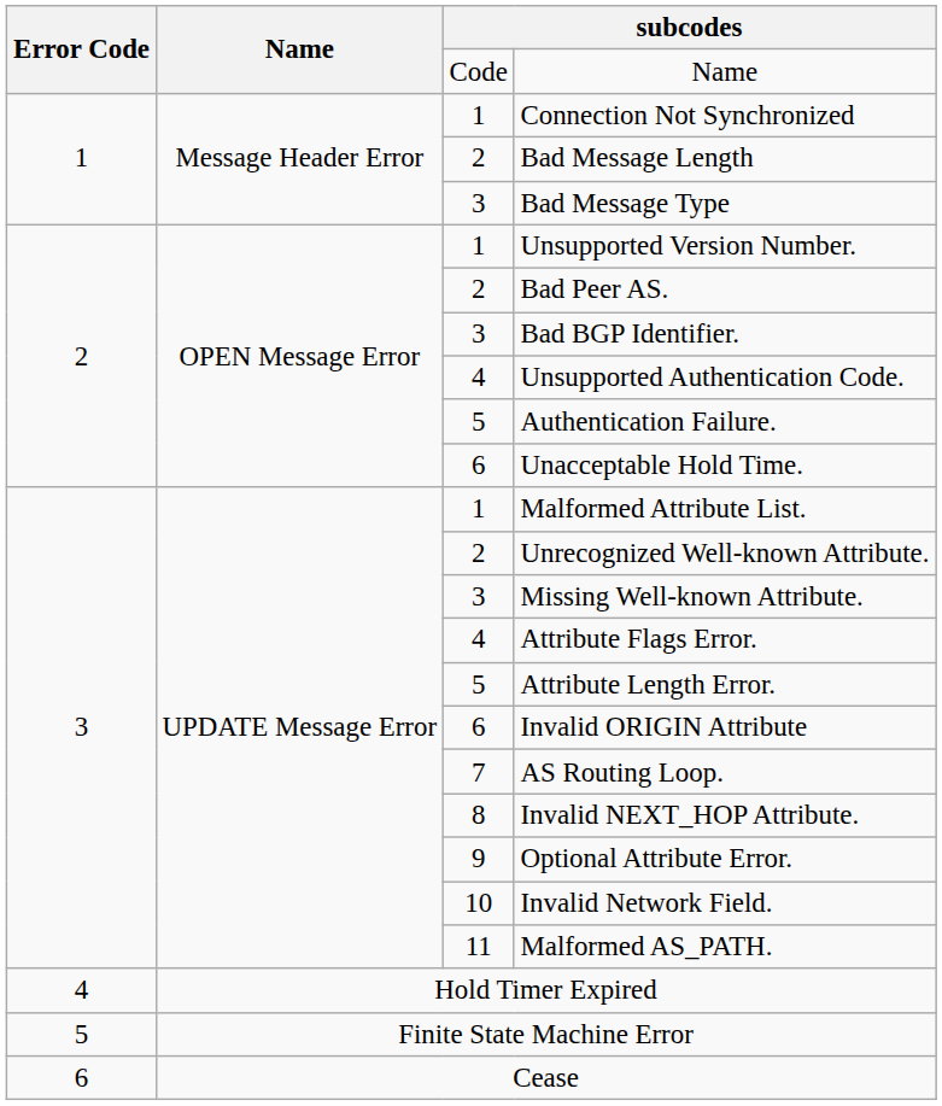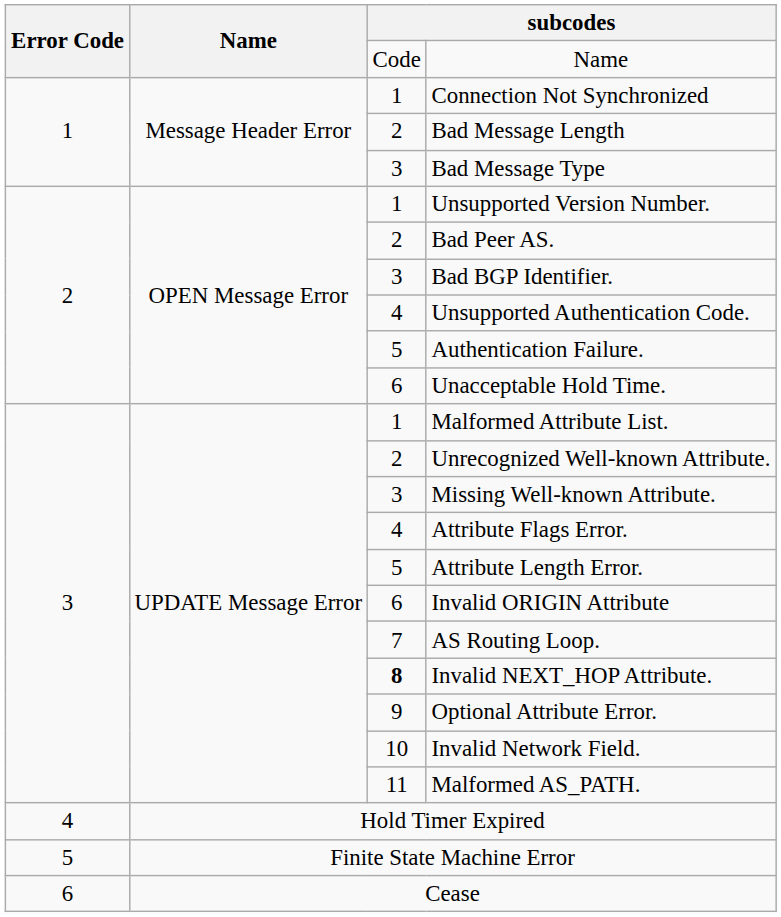 <table class="wikitable  mw-collapsible mw-collapsed" style="margin: 0 auto; text-align:center">
 <tr>
 <th rowspan="2">Error Code</th>
 <th rowspan="2">Name</th>
 <th colspan="2">subcodes</th>
 </tr>
 <tr>
 <td>Code</td>
 <td>Name</td>
 </tr>
 <tr>
 <td rowspan="3">1</td>
 <td rowspan="3">Message Header Error</td>
 <td>1</td>
 <td style="text-align:left">Connection Not Synchronized</td>
 </tr>
 <tr>
 <td>2</td>
 <td style="text-align:left">Bad Message Length</td>
 </tr>
 <tr>
 <td>3</td>
 <td style="text-align:left">Bad Message Type</td>
 </tr>
 <tr>
 <td rowspan="6">2</td>
 <td rowspan="6">OPEN Message Error</td>
 <td>1</td>
 <td style="text-align:left">Unsupported Version Number.</td>
 </tr>
 <tr>
 <td>2</td>
 <td style="text-align:left">Bad Peer AS.</td>
 </tr>
 <tr>
 <td>3</td>
 <td style="text-align:left">Bad BGP Identifier.</td>
 </tr>
 <tr>
 <td>4</td>
 <td style="text-align:left">Unsupported Authentication Code.</td>
 </tr>
 <tr>
 <td>5</td>
 <td style="text-align:left">Authentication Failure.</td>
 </tr>
 <tr>
 <td>6</td>
 <td style="text-align:left">Unacceptable Hold Time.</td>
 </tr>
 <tr>
 <td rowspan="11">3</td>
 <td rowspan="11"; style="text-align:left">UPDATE Message Error</td>
 <td>1</td>
 <td style="text-align:left">Malformed Attribute List.</td>
 </tr>
 <tr>
 <td>2</td>
 <td style="text-align:left">Unrecognized Well-known Attribute.</td>
 </tr>
 <tr>
 <td>3</td>
 <td style="text-align:left">Missing Well-known Attribute.</td>
 </tr>
 <tr>
 <td>4</td>
 <td style="text-align:left">Attribute Flags Error.</td>
 </tr>
 <tr>
 <td>5</td>
 <td style="text-align:left">Attribute Length Error.</td>
 </tr>
 <tr>
 <td>6</td>
 <td style="text-align:left">Invalid ORIGIN Attribute</td>
 </tr>
 <tr>
 <td>7</td>
 <td style="text-align:left">AS Routing Loop.</td>
 </tr>
 <tr>
-<td>8</td>
+<td><strong>8</strong></td>
 <td style="text-align:left">Invalid NEXT_HOP Attribute.</td>
 </tr>
 <tr>
 <td>9</td>
 <td style="text-align:left">Optional Attribute Error.</td>
 </tr>
 <tr>
 <td>10</td>
 <td style="text-align:left">Invalid Network Field.</td>
 </tr>
 <tr>
 <td>11</td>
 <td style="text-align:left">Malformed AS_PATH.</td>
 </tr>
 <tr>
 <td>4</td>
 <td colspan="3">Hold Timer Expired</td>
 </tr>
 <tr>
 <td>5</td>
 <td colspan="3">Finite State Machine Error</td>
 </tr>
 <tr>
 <td>6</td>
 <td colspan="3">Cease</td>
 </tr>
 </table>
